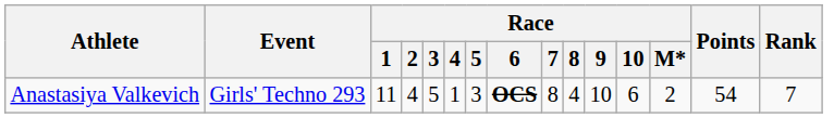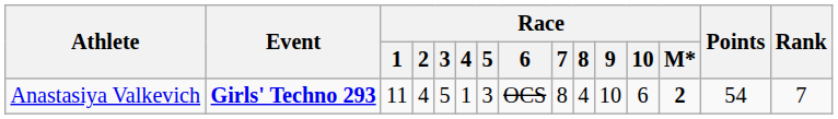 <table class="wikitable" border="1" style="font-size:90%">
 <tr>
 <th rowspan=2>Athlete</th>
 <th rowspan=2>Event</th>
 <th colspan=11>Race</th>
 <th rowspan=2>Points</th>
 <th rowspan=2>Rank</th>
 </tr>
 <tr>
 <th>1</th>
 <th>2</th>
 <th>3</th>
 <th>4</th>
 <th>5</th>
 <th>6</th>
 <th>7</th>
 <th>8</th>
 <th>9</th>
 <th>10</th>
 <th>M*</th>
 </tr>
 <tr>
 <td><a href='#'>Anastasiya Valkevich</a></td>
-<td><a href='#'>Girls' Techno 293</a></td>
+<td><strong><a href='#'>Girls' Techno 293</a></strong></td>
 <td align=center>11</td>
 <td align=center>4</td>
 <td align=center>5</td>
 <td align=center>1</td>
 <td align=center>3</td>
-<td align=center><strong><s>OCS</s></strong></td>
+<td align=center><s>OCS</s></td>
 <td align=center>8</td>
 <td align=center>4</td>
 <td align=center>10</td>
 <td align=center>6</td>
-<td align=center>2</td>
+<td align=center><strong>2</strong></td>
 <td align=center>54</td>
 <td align=center>7</td>
 </tr>
 </table>
